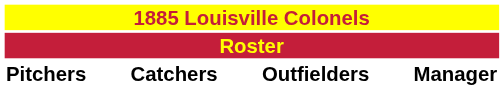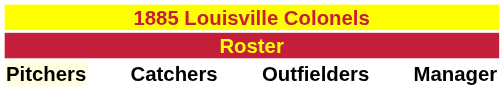 <table class="toccolours" style="font-size: 95%;">
 <tr>
 <th colspan="10" style="background-color: #FFFF00; color: #C41E3A; text-align: center;">1885 Louisville Colonels</th>
 </tr>
 <tr>
 <td colspan="10" style="background-color: #C41E3A; color: yellow; text-align: center;"><strong>Roster</strong></td>
 </tr>
 <tr>
-<td valign="top"><strong>Pitchers</strong><br>    </td>
+<td valign="top" style="background: lightyellow;"><strong>Pitchers</strong><br>    </td>
 <td width="25px"></td>
 <td valign="top"><strong>Catchers</strong><br>         </td>
 <td width="25px"></td>
 <td valign="top"><strong>Outfielders</strong><br>    </td>
 <td width="25px"></td>
 <td valign="top"><strong>Manager</strong><br></td>
 </tr>
 <tr>
 </tr>
 </table>
